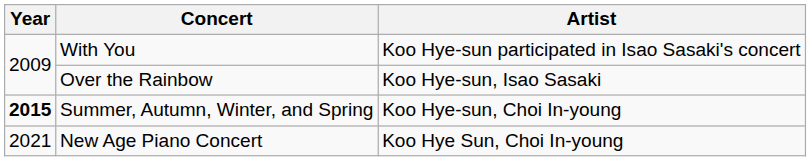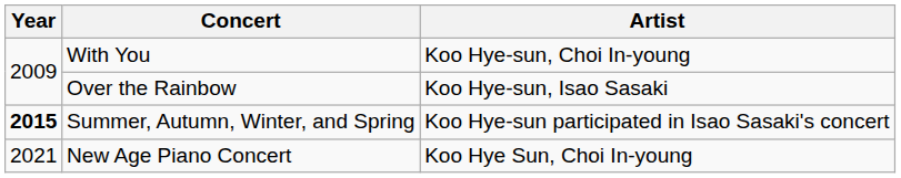 <table class="wikitable">
 <tr>
 <th>Year</th>
 <th>Concert</th>
 <th>Artist</th>
 </tr>
 <tr>
 <td rowspan=2>2009</td>
 <td>With You</td>
-<td>Koo Hye-sun participated in Isao Sasaki's concert</td>
+<td>Koo Hye-sun, Choi In-young</td>
 </tr>
 <tr>
 <td>Over the Rainbow</td>
 <td>Koo Hye-sun, Isao Sasaki</td>
 </tr>
 <tr>
 <td><strong>2015</strong></td>
 <td>Summer, Autumn, Winter, and Spring</td>
-<td>Koo Hye-sun, Choi In-young</td>
+<td>Koo Hye-sun participated in Isao Sasaki's concert</td>
 </tr>
 <tr>
 <td>2021</td>
 <td>New Age Piano Concert</td>
 <td>Koo Hye Sun, Choi In-young</td>
 </tr>
 </table>
